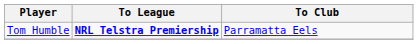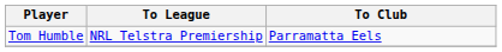 <table class="wikitable" style="font-size:90%">
 <tr bgcolor="#efefef">
 <th width=" ">Player</th>
 <th width=" ">To League</th>
 <th width="210 ">To Club</th>
 </tr>
 <tr>
 <td> <a href='#'>Tom Humble</a></td>
-<td><strong><a href='#'>NRL Telstra Premiership</a></strong></td>
+<td><a href='#'>NRL Telstra Premiership</a></td>
 <td> <a href='#'>Parramatta Eels</a></td>
 </tr>
 <tr>
 </tr>
 </table>
